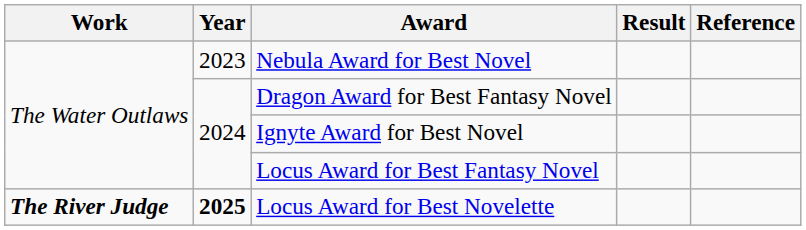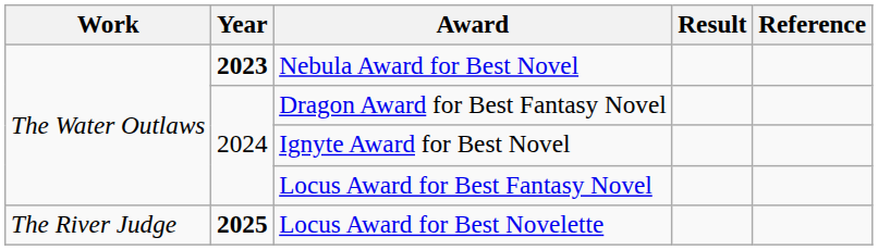 <table class="wikitable sortable">
 <tr>
 <th>Work</th>
 <th>Year</th>
 <th>Award</th>
 <th>Result</th>
 <th>Reference</th>
 </tr>
 <tr>
 <td rowspan=4><em>The Water Outlaws</em></td>
-<td>2023</td>
+<td><strong>2023</strong></td>
 <td><a href='#'>Nebula Award for Best Novel</a></td>
 <td></td>
 <td></td>
 </tr>
 <tr>
 <td rowspan=3>2024</td>
 <td><a href='#'>Dragon Award</a> for Best Fantasy Novel</td>
 <td></td>
 <td></td>
 </tr>
 <tr>
 <td><a href='#'>Ignyte Award</a> for Best Novel</td>
 <td></td>
 <td></td>
 </tr>
 <tr>
 <td><a href='#'>Locus Award for Best Fantasy Novel</a></td>
 <td></td>
 <td></td>
 </tr>
 <tr>
-<td><strong><em>The River Judge</em></strong></td>
+<td><em>The River Judge</em></td>
 <td><strong>2025</strong></td>
 <td><a href='#'>Locus Award for Best Novelette</a></td>
 <td></td>
 <td></td>
 </tr>
 </table>
